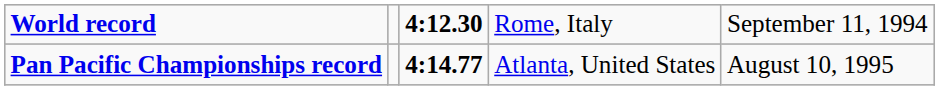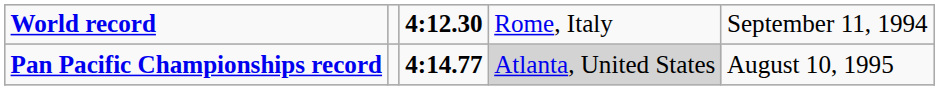 <table class="wikitable">
 <tr>
 <td><strong><a href='#'>World record</a></strong></td>
 <td></td>
 <td><strong>4:12.30</strong></td>
 <td><a href='#'>Rome</a>, Italy</td>
 <td>September 11, 1994</td>
 </tr>
 <tr>
 <td><strong><a href='#'>Pan Pacific Championships record</a></strong></td>
 <td></td>
 <td><strong>4:14.77</strong></td>
-<td><a href='#'>Atlanta</a>, United States</td>
+<td style="background: lightgrey;"><a href='#'>Atlanta</a>, United States</td>
 <td>August 10, 1995</td>
 </tr>
 </table>
